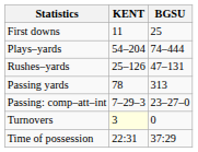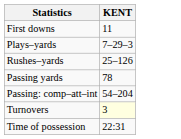 <table class="wikitable" style="float:left">
 <tr>
 <th>Statistics</th>
 <th>KENT</th>
-<th>BGSU</th>
 </tr>
 <tr>
 <td>First downs</td>
 <td>11</td>
-<td>25</td>
 </tr>
 <tr>
 <td>Plays–yards</td>
-<td>54–204</td>
-<td>74–444</td>
+<td>7–29–3</td>
 </tr>
 <tr>
 <td>Rushes–yards</td>
 <td>25–126</td>
-<td>47–131</td>
 </tr>
 <tr>
 <td>Passing yards</td>
 <td>78</td>
-<td>313</td>
 </tr>
 <tr>
 <td>Passing: comp–att–int</td>
-<td>7–29–3</td>
-<td>23–27–0</td>
+<td>54–204</td>
 </tr>
 <tr>
 <td>Turnovers</td>
 <td style="background: lightyellow;">3</td>
-<td>0</td>
 </tr>
 <tr>
 <td>Time of possession</td>
 <td>22:31</td>
-<td>37:29</td>
 </tr>
 </table>
